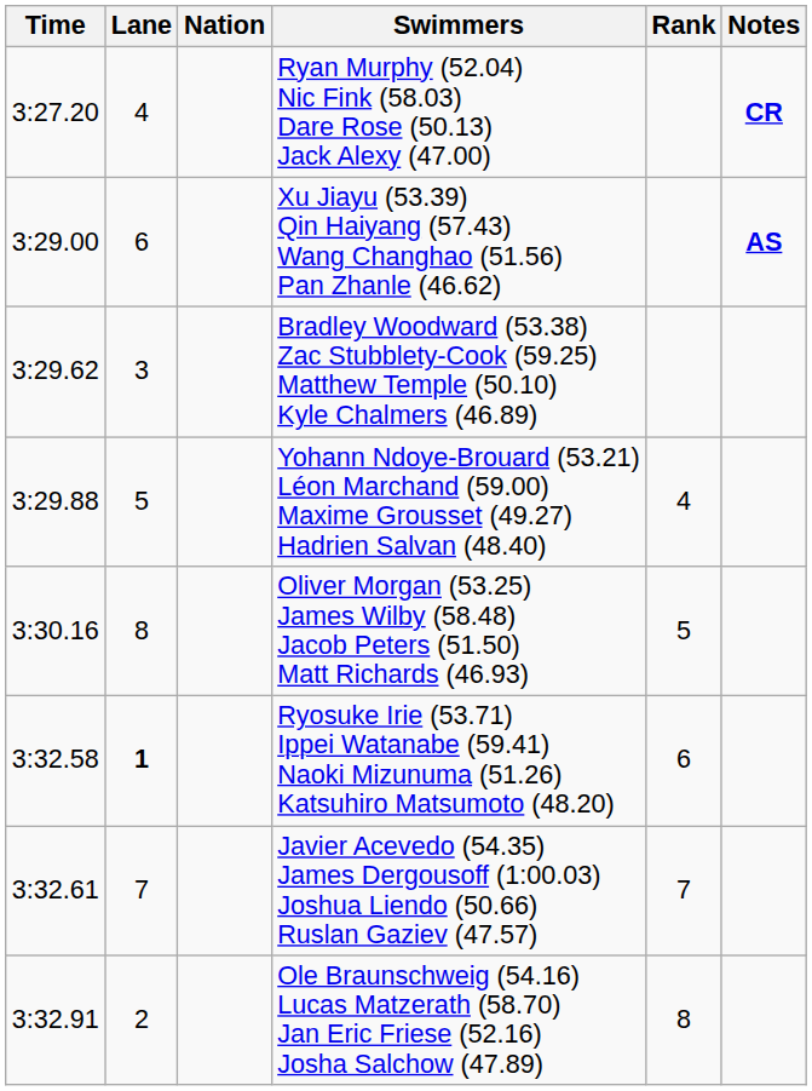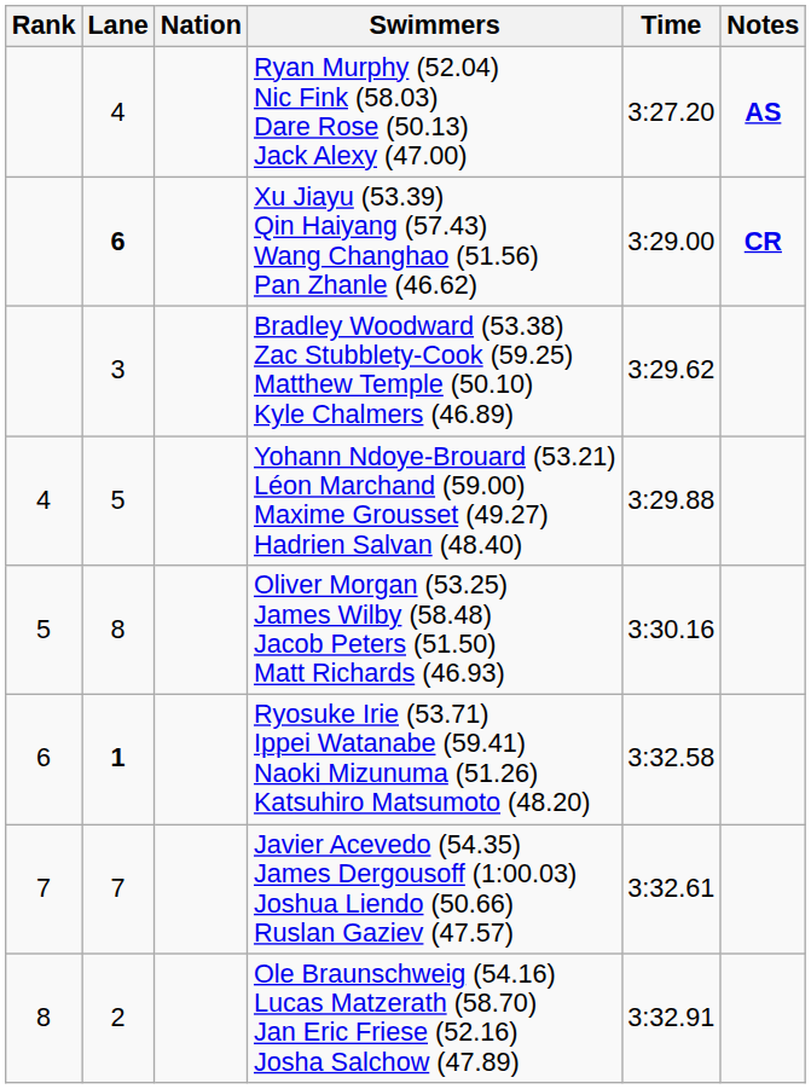 <table class="wikitable sortable" style="text-align:center">
 <tr>
-<th>Time</th>
+<th>Rank</th>
 <th>Lane</th>
 <th>Nation</th>
 <th>Swimmers</th>
-<th>Rank</th>
+<th>Time</th>
 <th>Notes</th>
 </tr>
 <tr>
-<td>3:27.20</td>
+<td></td>
 <td>4</td>
 <td align=left></td>
 <td align=left><a href='#'>Ryan Murphy</a> (52.04)<br><a href='#'>Nic Fink</a> (58.03)<br><a href='#'>Dare Rose</a> (50.13)<br><a href='#'>Jack Alexy</a> (47.00)</td>
+<td>3:27.20</td>
+<td><strong><a href='#'>AS</a></strong></td>
+</tr>
+<tr>
 <td></td>
+<td><strong>6</strong></td>
+<td align=left></td>
+<td align=left><a href='#'>Xu Jiayu</a> (53.39)<br><a href='#'>Qin Haiyang</a> (57.43)<br><a href='#'>Wang Changhao</a> (51.56)<br><a href='#'>Pan Zhanle</a> (46.62)</td>
+<td>3:29.00</td>
 <td><strong><a href='#'>CR</a></strong></td>
 </tr>
 <tr>
-<td>3:29.00</td>
-<td>6</td>
-<td align=left></td>
-<td align=left><a href='#'>Xu Jiayu</a> (53.39)<br><a href='#'>Qin Haiyang</a> (57.43)<br><a href='#'>Wang Changhao</a> (51.56)<br><a href='#'>Pan Zhanle</a> (46.62)</td>
 <td></td>
-<td><strong><a href='#'>AS</a></strong></td>
-</tr>
-<tr>
-<td>3:29.62</td>
 <td>3</td>
 <td align=left></td>
 <td align=left><a href='#'>Bradley Woodward</a> (53.38)<br><a href='#'>Zac Stubblety-Cook</a> (59.25)<br><a href='#'>Matthew Temple</a> (50.10)<br><a href='#'>Kyle Chalmers</a> (46.89)</td>
-<td></td>
+<td>3:29.62</td>
 <td></td>
 </tr>
 <tr>
-<td>3:29.88</td>
+<td>4</td>
 <td>5</td>
 <td align=left></td>
 <td align=left><a href='#'>Yohann Ndoye-Brouard</a> (53.21)<br><a href='#'>Léon Marchand</a> (59.00)<br><a href='#'>Maxime Grousset</a> (49.27)<br><a href='#'>Hadrien Salvan</a> (48.40)</td>
-<td>4</td>
+<td>3:29.88</td>
 <td></td>
 </tr>
 <tr>
-<td>3:30.16</td>
+<td>5</td>
 <td>8</td>
 <td align=left></td>
 <td align=left><a href='#'>Oliver Morgan</a> (53.25)<br><a href='#'>James Wilby</a> (58.48)<br><a href='#'>Jacob Peters</a> (51.50)<br><a href='#'>Matt Richards</a> (46.93)</td>
-<td>5</td>
+<td>3:30.16</td>
 <td></td>
 </tr>
 <tr>
-<td>3:32.58</td>
+<td>6</td>
 <td><strong>1</strong></td>
 <td align=left></td>
 <td align=left><a href='#'>Ryosuke Irie</a> (53.71)<br><a href='#'>Ippei Watanabe</a> (59.41)<br><a href='#'>Naoki Mizunuma</a> (51.26)<br><a href='#'>Katsuhiro Matsumoto</a> (48.20)</td>
-<td>6</td>
+<td>3:32.58</td>
 <td></td>
 </tr>
 <tr>
-<td>3:32.61</td>
+<td>7</td>
 <td>7</td>
 <td align=left></td>
 <td align=left><a href='#'>Javier Acevedo</a> (54.35)<br><a href='#'>James Dergousoff</a> (1:00.03)<br><a href='#'>Joshua Liendo</a> (50.66)<br><a href='#'>Ruslan Gaziev</a> (47.57)</td>
-<td>7</td>
+<td>3:32.61</td>
 <td></td>
 </tr>
 <tr>
-<td>3:32.91</td>
+<td>8</td>
 <td>2</td>
 <td align=left></td>
 <td align=left><a href='#'>Ole Braunschweig</a> (54.16)<br><a href='#'>Lucas Matzerath</a> (58.70)<br><a href='#'>Jan Eric Friese</a> (52.16)<br><a href='#'>Josha Salchow</a> (47.89)</td>
-<td>8</td>
+<td>3:32.91</td>
 <td></td>
 </tr>
 </table>
